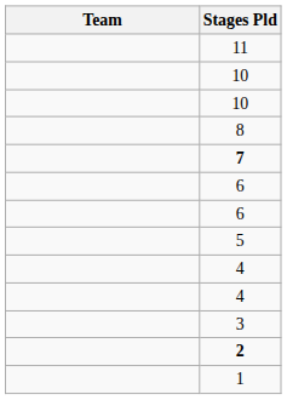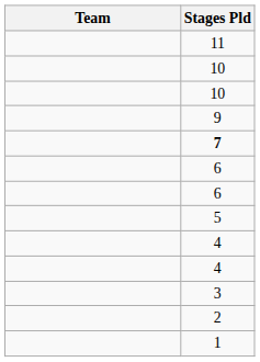 <table class="wikitable" style="font-size:90%; display:inline-table;">
 <tr>
 <th width=160>Team</th>
 <th>Stages Pld</th>
 </tr>
 <tr>
 <td></td>
 <td align="center">11</td>
 </tr>
 <tr>
 <td></td>
 <td align="center">10</td>
 </tr>
 <tr>
 <td></td>
 <td align="center">10</td>
 </tr>
 <tr>
 <td></td>
-<td align="center">8</td>
+<td align="center">9</td>
 </tr>
 <tr>
 <td></td>
 <td align="center"><strong>7</strong></td>
 </tr>
 <tr>
 <td></td>
 <td align="center">6</td>
 </tr>
 <tr>
 <td></td>
 <td align="center">6</td>
 </tr>
 <tr>
 <td></td>
 <td align="center">5</td>
 </tr>
 <tr>
 <td></td>
 <td align="center">4</td>
 </tr>
 <tr>
 <td></td>
 <td align="center">4</td>
 </tr>
 <tr>
 <td></td>
 <td align="center">3</td>
 </tr>
 <tr>
 <td></td>
-<td align="center"><strong>2</strong></td>
+<td align="center">2</td>
 </tr>
 <tr>
 <td></td>
 <td align="center">1</td>
 </tr>
 </table>
